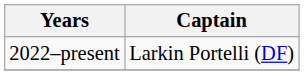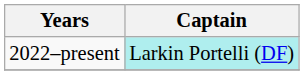 <table class="wikitable">
 <tr>
 <th>Years</th>
 <th>Captain</th>
 </tr>
 <tr>
 <td align=center>2022–present</td>
-<td> Larkin Portelli (<a href='#'>DF</a>)</td>
+<td style="background: paleturquoise;"> Larkin Portelli (<a href='#'>DF</a>)</td>
 </tr>
 <tr>
 </tr>
 </table>
